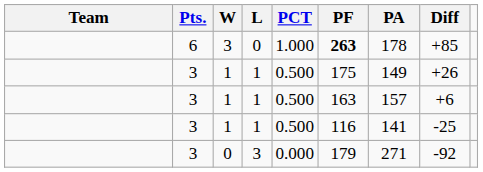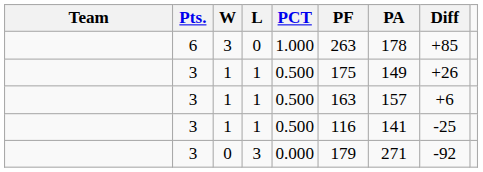 <table class=wikitable>
 <tr align=center>
 <th width=150px>Team</th>
 <th width=30px><a href='#'>Pts.</a></th>
 <th width=20px>W</th>
 <th width=20px>L</th>
 <th><a href='#'>PCT</a></th>
 <th width=40px>PF</th>
 <th width=40px>PA</th>
 <th width=40px>Diff</th>
 </tr>
 <tr align=center>
 <td align=left></td>
 <td>6</td>
 <td>3</td>
 <td>0</td>
 <td>1.000</td>
-<td><strong>263</strong></td>
+<td>263</td>
 <td>178</td>
 <td>+85</td>
 <td></td>
 </tr>
 <tr align=center>
 <td align=left></td>
 <td>3</td>
 <td>1</td>
 <td>1</td>
 <td>0.500</td>
 <td>175</td>
 <td>149</td>
 <td>+26</td>
 <td></td>
 </tr>
 <tr align=center>
 <td align=left></td>
 <td>3</td>
 <td>1</td>
 <td>1</td>
 <td>0.500</td>
 <td>163</td>
 <td>157</td>
 <td>+6</td>
 <td></td>
 </tr>
 <tr align=center>
 <td align=left></td>
 <td>3</td>
 <td>1</td>
 <td>1</td>
 <td>0.500</td>
 <td>116</td>
 <td>141</td>
 <td>-25</td>
 <td></td>
 </tr>
 <tr align=center>
 <td align=left></td>
 <td>3</td>
 <td>0</td>
 <td>3</td>
 <td>0.000</td>
 <td>179</td>
 <td>271</td>
 <td>-92</td>
 <td></td>
 </tr>
 </table>
